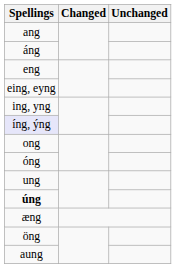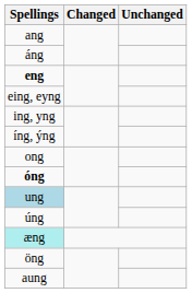 <table class="wikitable" style="text-align: center;">
 <tr>
 <th>Spellings</th>
 <th>Changed</th>
 <th>Unchanged</th>
 </tr>
 <tr>
 <td>ang</td>
 <td rowspan="2"></td>
 <td></td>
 </tr>
 <tr>
 <td>áng</td>
 <td></td>
 </tr>
 <tr>
-<td>eng</td>
+<td><strong>eng</strong></td>
 <td rowspan="2"></td>
 <td></td>
 </tr>
 <tr>
 <td>eing, eyng</td>
 <td></td>
 </tr>
 <tr>
 <td>ing, yng</td>
 <td rowspan="2"></td>
 <td></td>
 </tr>
 <tr>
-<td style="background: lavender;">íng, ýng</td>
+<td>íng, ýng</td>
 <td></td>
 </tr>
 <tr>
 <td>ong</td>
 <td rowspan="2"></td>
 <td></td>
 </tr>
 <tr>
-<td>óng</td>
+<td><strong>óng</strong></td>
 <td></td>
 </tr>
 <tr>
-<td>ung</td>
+<td style="background: lightblue;">ung</td>
 <td rowspan="2"></td>
 <td></td>
 </tr>
 <tr>
-<td><strong>úng</strong></td>
+<td>úng</td>
 <td></td>
 </tr>
 <tr>
-<td>æng</td>
+<td style="background: paleturquoise;">æng</td>
 <td colspan="2"></td>
 </tr>
 <tr>
 <td>öng</td>
 <td rowspan="2"></td>
 <td></td>
 </tr>
 <tr>
 <td>aung</td>
 <td></td>
 </tr>
 </table>
